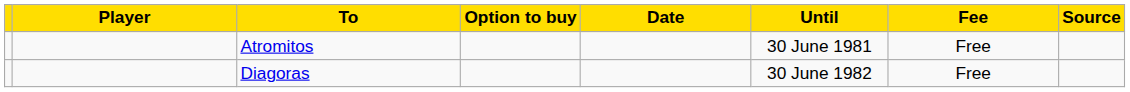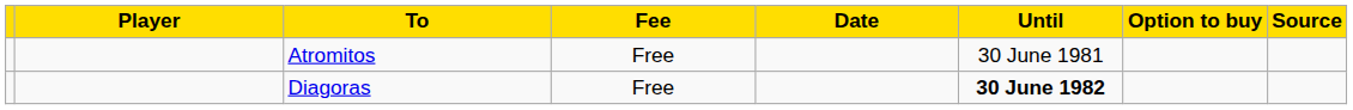 <table class="wikitable sortable">
 <tr>
 <th style="background:#FFDE00"></th>
 <th width=200 style="background:#FFDE00">Player</th>
 <th width=200 style="background:#FFDE00">To</th>
-<th style="background:#FFDE00">Option to buy</th>
+<th width=150 style="background:#FFDE00">Fee</th>
 <th width=150 style="background:#FFDE00">Date</th>
 <th width=120 style="background:#FFDE00">Until</th>
-<th width=150 style="background:#FFDE00">Fee</th>
+<th style="background:#FFDE00">Option to buy</th>
 <th style="background:#FFDE00">Source</th>
 </tr>
 <tr>
 <td align=center></td>
 <td></td>
 <td> <a href='#'>Atromitos</a></td>
-<td align=center></td>
+<td align=center>Free</td>
 <td align=center></td>
 <td align=center>30 June 1981</td>
-<td align=center>Free</td>
+<td align=center></td>
 <td align=center></td>
 </tr>
 <tr>
 <td align=center></td>
 <td></td>
 <td> <a href='#'>Diagoras</a></td>
+<td align=center>Free</td>
 <td align=center></td>
+<td align=center><strong>30 June 1982</strong></td>
 <td align=center></td>
-<td align=center>30 June 1982</td>
-<td align=center>Free</td>
 <td align=center></td>
 </tr>
 </table>
